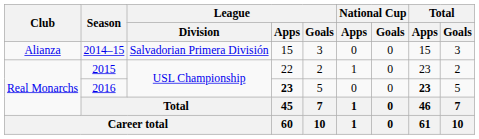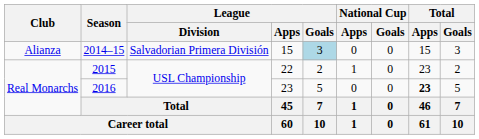 <table class="wikitable", style="text-align:center">
 <tr>
 <th rowspan="2">Club</th>
 <th rowspan="2">Season</th>
 <th colspan="3">League</th>
 <th colspan="2">National Cup</th>
 <th colspan="2">Total</th>
 </tr>
 <tr>
 <th>Division</th>
 <th>Apps</th>
 <th>Goals</th>
 <th>Apps</th>
 <th>Goals</th>
 <th>Apps</th>
 <th>Goals</th>
 </tr>
 <tr>
 <td><a href='#'>Alianza</a></td>
 <td><a href='#'>2014–15</a></td>
 <td><a href='#'>Salvadorian Primera División</a></td>
 <td>15</td>
-<td>3</td>
+<td style="background: lightblue;">3</td>
 <td>0</td>
 <td>0</td>
 <td>15</td>
 <td>3</td>
 </tr>
 <tr>
 <td rowspan="3"><a href='#'>Real Monarchs</a></td>
 <td><a href='#'>2015</a></td>
 <td rowspan="2"><a href='#'>USL Championship</a></td>
 <td>22</td>
 <td>2</td>
 <td>1</td>
 <td>0</td>
 <td>23</td>
 <td>2</td>
 </tr>
 <tr>
 <td><a href='#'>2016</a></td>
-<td><strong>23</strong></td>
+<td>23</td>
 <td>5</td>
 <td>0</td>
 <td>0</td>
 <td><strong>23</strong></td>
 <td>5</td>
 </tr>
 <tr>
 <th colspan="2">Total</th>
 <th>45</th>
 <th>7</th>
 <th>1</th>
 <th>0</th>
 <th>46</th>
 <th>7</th>
 </tr>
 <tr>
 <th colspan="3">Career total</th>
 <th>60</th>
 <th>10</th>
 <th>1</th>
 <th>0</th>
 <th>61</th>
 <th>10</th>
 </tr>
 </table>
